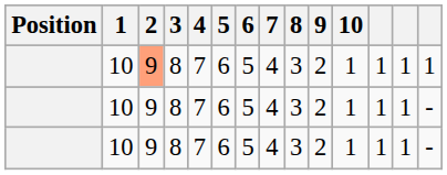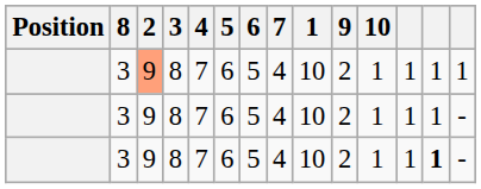 <table class="wikitable" style="font-size: 85%; text-align:center">
 <tr valign="top">
 <th>Position</th>
-<th>1</th>
+<th>8</th>
 <th>2</th>
 <th>3</th>
 <th>4</th>
 <th>5</th>
 <th>6</th>
 <th>7</th>
-<th>8</th>
+<th>1</th>
 <th>9</th>
 <th>10</th>
 <th></th>
 <th></th>
 <th></th>
 </tr>
 <tr>
 <th></th>
-<td>10</td>
+<td>3</td>
 <td style="background: lightsalmon;">9</td>
 <td>8</td>
 <td>7</td>
 <td>6</td>
 <td>5</td>
 <td>4</td>
-<td>3</td>
+<td>10</td>
 <td>2</td>
 <td>1</td>
 <td>1</td>
 <td>1</td>
 <td>1</td>
 </tr>
 <tr>
 <th></th>
-<td>10</td>
+<td>3</td>
 <td>9</td>
 <td>8</td>
 <td>7</td>
 <td>6</td>
 <td>5</td>
 <td>4</td>
-<td>3</td>
+<td>10</td>
 <td>2</td>
 <td>1</td>
 <td>1</td>
 <td>1</td>
 <td>-</td>
 </tr>
 <tr>
 <th></th>
-<td>10</td>
+<td>3</td>
 <td>9</td>
 <td>8</td>
 <td>7</td>
 <td>6</td>
 <td>5</td>
 <td>4</td>
-<td>3</td>
+<td>10</td>
 <td>2</td>
 <td>1</td>
 <td>1</td>
-<td>1</td>
+<td><strong>1</strong></td>
 <td>-</td>
 </tr>
 </table>
